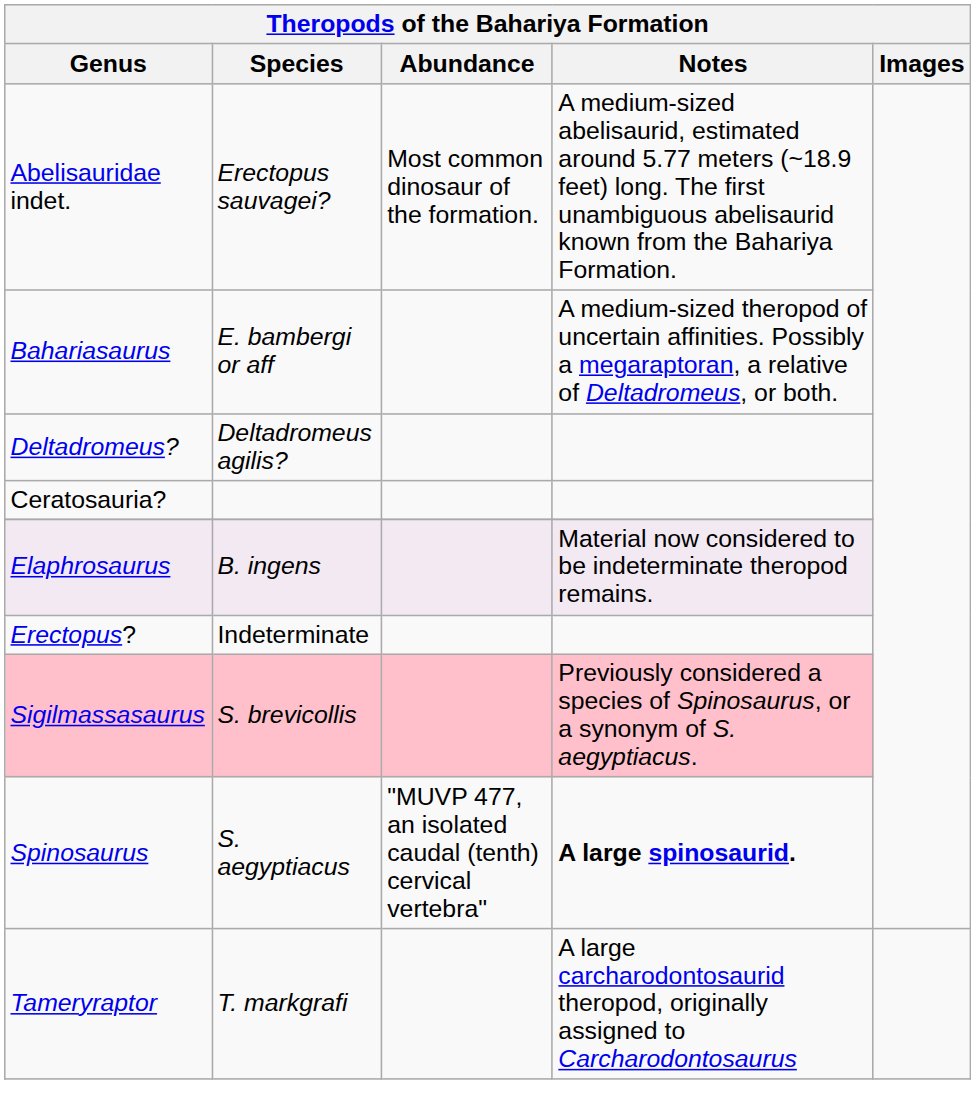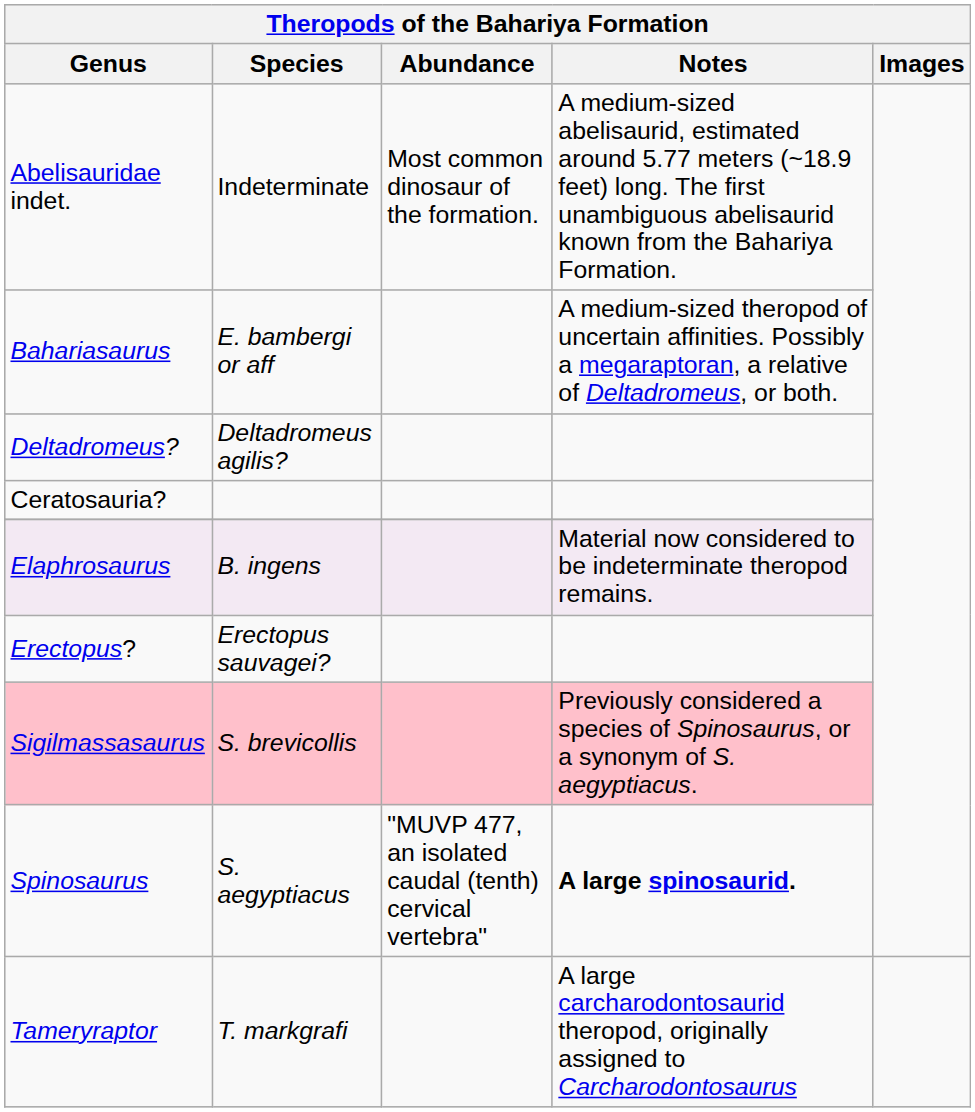 <table class="wikitable" align="center" width="100%">
 <tr>
 <th colspan="5" align="center"><strong><a href='#'>Theropods</a> of the Bahariya Formation</strong></th>
 </tr>
 <tr>
 <th>Genus</th>
 <th>Species</th>
 <th>Abundance</th>
 <th>Notes</th>
 <th>Images</th>
 </tr>
 <tr>
 <td><a href='#'>Abelisauridae</a> indet.</td>
-<td><em>Erectopus sauvagei?</em></td>
+<td>Indeterminate</td>
 <td>Most common dinosaur of the formation.</td>
 <td>A medium-sized abelisaurid, estimated around 5.77 meters (~18.9 feet) long. The first unambiguous abelisaurid known from the Bahariya Formation.</td>
 <td rowspan="9"><br><br><br> <br> </td>
 </tr>
 <tr>
 <td><em><a href='#'>Bahariasaurus</a></em></td>
 <td><em>E. bambergi or aff</em></td>
 <td></td>
 <td>A medium-sized theropod of uncertain affinities. Possibly a <a href='#'>megaraptoran</a>, a relative of <em><a href='#'>Deltadromeus</a></em>, or both.</td>
 </tr>
 <tr>
 <td><em><a href='#'>Deltadromeus</a>?</em></td>
 <td><em>Deltadromeus agilis?</em></td>
 <td></td>
 <td></td>
 </tr>
 <tr>
 <td>Ceratosauria?</td>
 <td></td>
 <td></td>
 <td></td>
 </tr>
 <tr>
 </tr>
 <tr style="background:#f3e9f3;">
 <td><em><a href='#'>Elaphrosaurus</a></em></td>
 <td><em>B. ingens</em></td>
 <td></td>
 <td>Material now considered to be indeterminate theropod remains.</td>
 </tr>
 <tr>
 <td><em><a href='#'>Erectopus</a></em>?</td>
-<td>Indeterminate</td>
+<td><em>Erectopus sauvagei?</em></td>
 <td></td>
 <td></td>
 </tr>
 <tr style="background:pink">
 <td><em><a href='#'>Sigilmassasaurus</a></em></td>
 <td><em>S. brevicollis</em></td>
 <td></td>
 <td>Previously considered a species of <em>Spinosaurus</em>, or a synonym of <em>S. aegyptiacus</em>.</td>
 </tr>
 <tr>
 <td><em><a href='#'>Spinosaurus</a></em></td>
 <td><em>S. aegyptiacus</em></td>
 <td>"MUVP 477, an isolated caudal (tenth) cervical vertebra"</td>
 <td><strong>A large <a href='#'>spinosaurid</a>.</strong></td>
 </tr>
 <tr>
 <td><em><a href='#'>Tameryraptor</a></em></td>
 <td><em>T. markgrafi</em></td>
 <td></td>
 <td>A large <a href='#'>carcharodontosaurid</a> theropod, originally assigned to <em><a href='#'>Carcharodontosaurus</a></em></td>
 </tr>
 </table>
